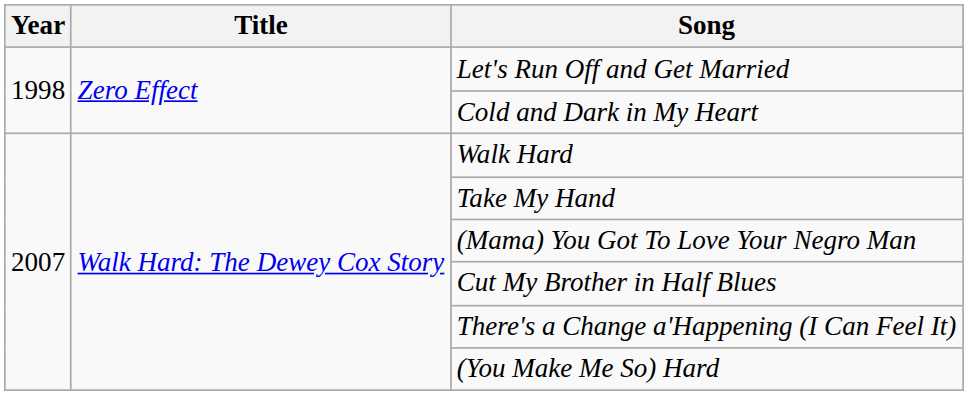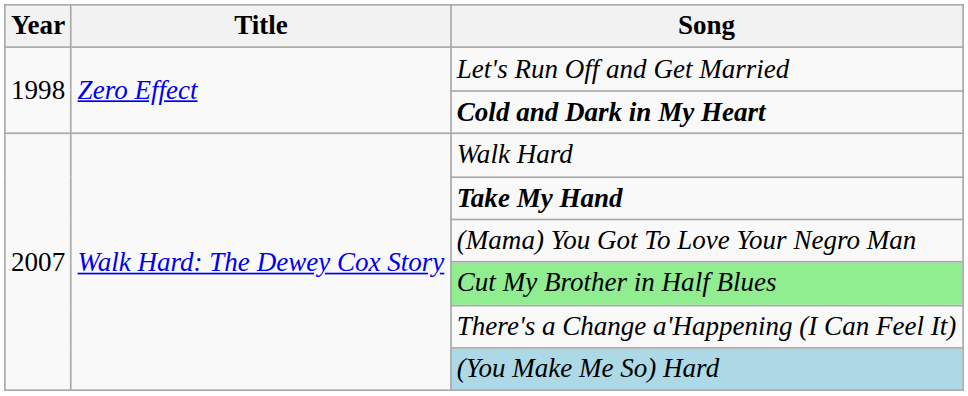 <table class="wikitable plainrowheaders">
 <tr>
 <th>Year</th>
 <th>Title</th>
 <th>Song</th>
 </tr>
 <tr>
 <td rowspan=2>1998</td>
 <td rowspan="2"><em><a href='#'>Zero Effect</a></em></td>
 <td><em>Let's Run Off and Get Married</em></td>
 </tr>
 <tr>
-<td><em>Cold and Dark in My Heart</em></td>
+<td><strong><em>Cold and Dark in My Heart</em></strong></td>
 </tr>
 <tr>
 <td rowspan=6>2007</td>
 <td rowspan="6"><em><a href='#'>Walk Hard: The Dewey Cox Story</a></em></td>
 <td><em>Walk Hard</em></td>
 </tr>
 <tr>
-<td><em>Take My Hand</em></td>
+<td><strong><em>Take My Hand</em></strong></td>
 </tr>
 <tr>
 <td><em>(Mama) You Got To Love Your Negro Man</em></td>
 </tr>
 <tr>
-<td><em>Cut My Brother in Half Blues</em></td>
+<td style="background: lightgreen;"><em>Cut My Brother in Half Blues</em></td>
 </tr>
 <tr>
 <td><em>There's a Change a'Happening (I Can Feel It)</em></td>
 </tr>
 <tr>
-<td><em>(You Make Me So) Hard</em></td>
+<td style="background: lightblue;"><em>(You Make Me So) Hard</em></td>
 </tr>
 </table>
